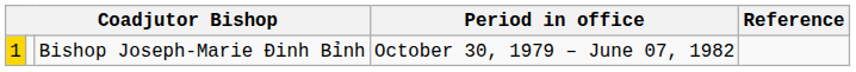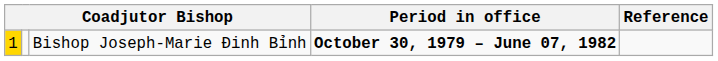 <table class="wikitable">
 <tr>
 <th colspan="3">Coadjutor Bishop</th>
 <th>Period in office</th>
 <th>Reference</th>
 </tr>
 <tr>
 <td style="background: gold;">1</td>
 <td></td>
 <td>Bishop Joseph-Marie Ðinh Bỉnh</td>
-<td>October 30, 1979 – June 07, 1982</td>
+<td><strong>October 30, 1979 – June 07, 1982</strong></td>
 <td></td>
 </tr>
 </table>
